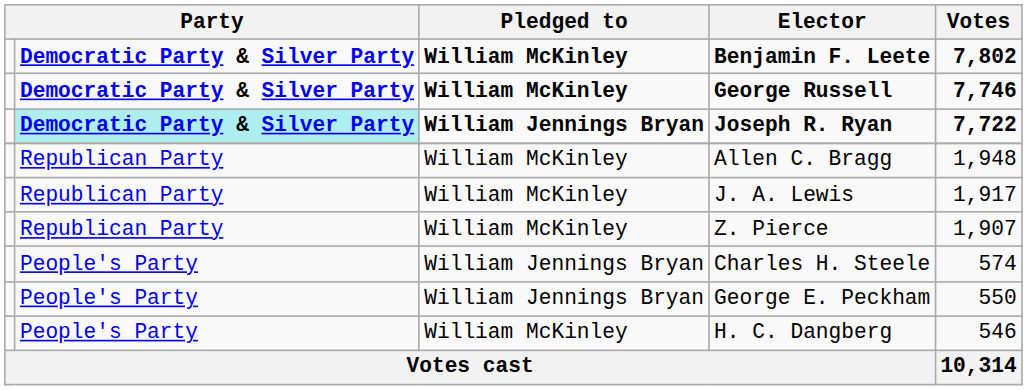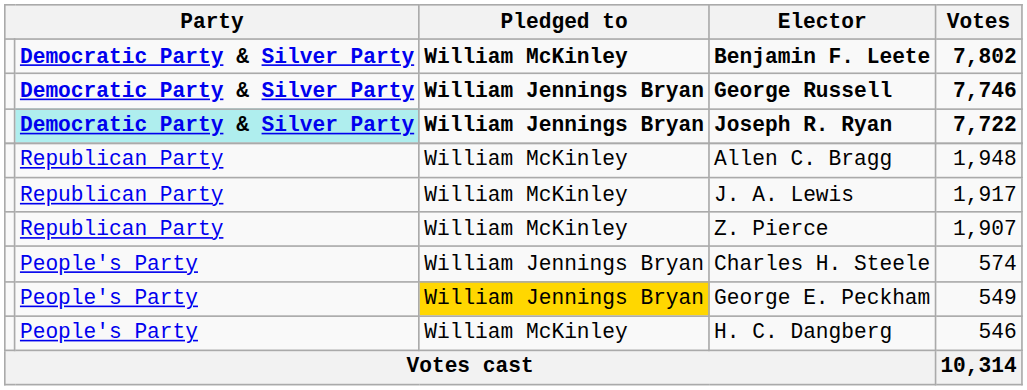 <table class="wikitable">
 <tr>
 <th colspan=2>Party</th>
 <th>Pledged to</th>
 <th>Elector</th>
 <th>Votes</th>
 </tr>
 <tr style="font-weight:bold">
 <td></td>
 <td><a href='#'>Democratic Party</a> & <a href='#'>Silver Party</a></td>
 <td>William McKinley</td>
 <td>Benjamin F. Leete</td>
 <td align="right">7,802</td>
 </tr>
 <tr style="font-weight:bold">
 <td></td>
 <td><a href='#'>Democratic Party</a> & <a href='#'>Silver Party</a></td>
-<td>William McKinley</td>
+<td>William Jennings Bryan</td>
 <td>George Russell</td>
 <td align="right">7,746</td>
 </tr>
 <tr style="font-weight:bold">
 <td></td>
 <td style="background: paleturquoise;"><a href='#'>Democratic Party</a> & <a href='#'>Silver Party</a></td>
 <td>William Jennings Bryan</td>
 <td>Joseph R. Ryan</td>
 <td align="right">7,722</td>
 </tr>
 <tr style="font-weight:bold">
 </tr>
 <tr>
 <td></td>
 <td><a href='#'>Republican Party</a></td>
 <td>William McKinley</td>
 <td>Allen C. Bragg</td>
 <td align="right">1,948</td>
 </tr>
 <tr>
 <td></td>
 <td><a href='#'>Republican Party</a></td>
 <td>William McKinley</td>
 <td>J. A. Lewis</td>
 <td align="right">1,917</td>
 </tr>
 <tr>
 <td></td>
 <td><a href='#'>Republican Party</a></td>
 <td>William McKinley</td>
 <td>Z. Pierce</td>
 <td align="right">1,907</td>
 </tr>
 <tr>
 <td></td>
 <td><a href='#'>People's Party</a></td>
 <td>William Jennings Bryan</td>
 <td>Charles H. Steele</td>
 <td align="right">574</td>
 </tr>
 <tr>
 <td></td>
 <td><a href='#'>People's Party</a></td>
-<td>William Jennings Bryan</td>
+<td style="background: gold;">William Jennings Bryan</td>
 <td>George E. Peckham</td>
-<td align="right">550</td>
+<td align="right">549</td>
 </tr>
 <tr>
 <td></td>
 <td><a href='#'>People's Party</a></td>
 <td>William McKinley</td>
 <td>H. C. Dangberg</td>
 <td align="right">546</td>
 </tr>
 <tr>
 <th colspan="4">Votes cast</th>
 <th>10,314</th>
 </tr>
 </table>
